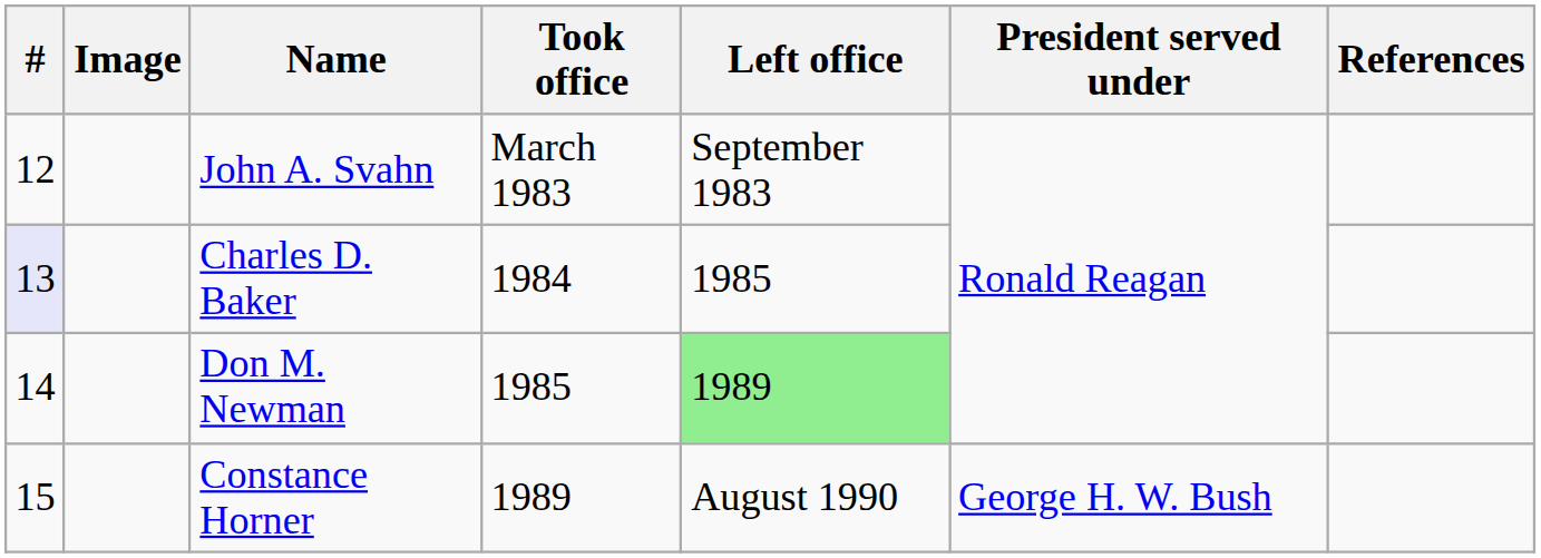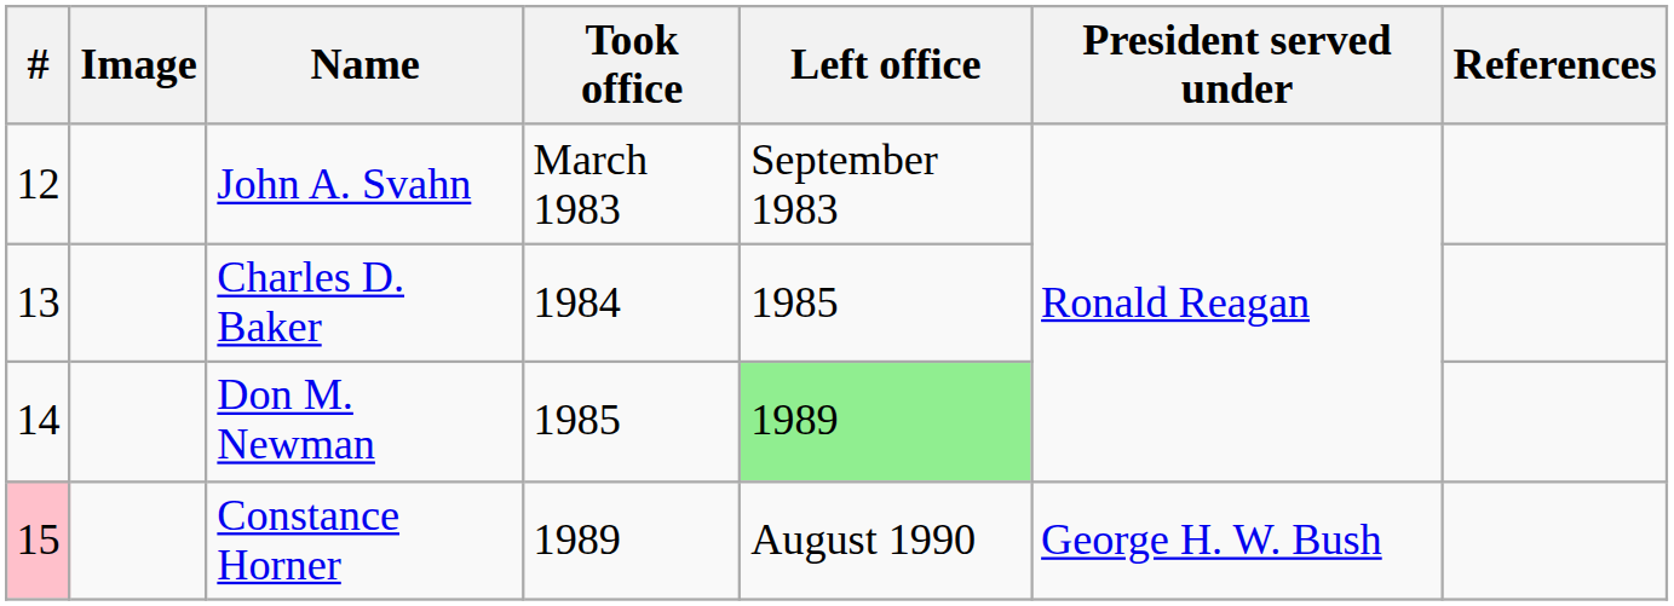 <table class="wikitable">
 <tr>
 <th>#</th>
 <th>Image</th>
 <th>Name</th>
 <th>Took office</th>
 <th>Left office</th>
 <th>President served under</th>
 <th>References</th>
 </tr>
 <tr>
 <td>12</td>
 <td></td>
 <td><a href='#'>John A. Svahn</a></td>
 <td>March 1983</td>
 <td>September 1983</td>
 <td rowspan=3><a href='#'>Ronald Reagan</a></td>
 <td></td>
 </tr>
 <tr>
-<td style="background: lavender;">13</td>
+<td>13</td>
 <td></td>
 <td><a href='#'>Charles D. Baker</a></td>
 <td>1984</td>
 <td>1985</td>
 <td></td>
 </tr>
 <tr>
 <td>14</td>
 <td></td>
 <td><a href='#'>Don M. Newman</a></td>
 <td>1985</td>
 <td style="background: lightgreen;">1989</td>
 <td></td>
 </tr>
 <tr>
-<td>15</td>
+<td style="background: pink;">15</td>
 <td></td>
 <td><a href='#'>Constance Horner</a></td>
 <td>1989</td>
 <td>August 1990</td>
 <td><a href='#'>George H. W. Bush</a></td>
 <td></td>
 </tr>
 </table>
